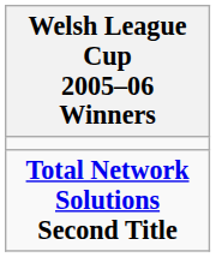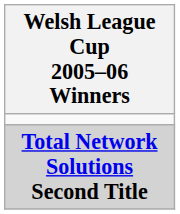 <table class="wikitable" style="text-align: center; margin: 0 auto; width: 20%">
 <tr>
 <th>Welsh League Cup <br>2005–06 Winners</th>
 </tr>
 <tr>
 <td></td>
 </tr>
 <tr>
-<td><strong><a href='#'>Total Network Solutions</a></strong><br><strong>Second Title</strong></td>
+<td style="background: lightgrey;"><strong><a href='#'>Total Network Solutions</a></strong><br><strong>Second Title</strong></td>
 </tr>
 </table>
